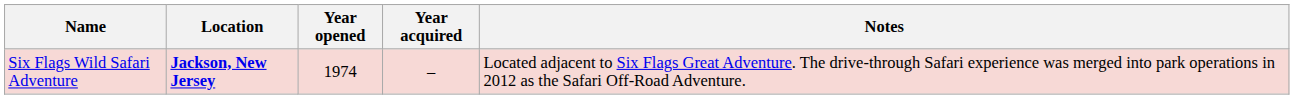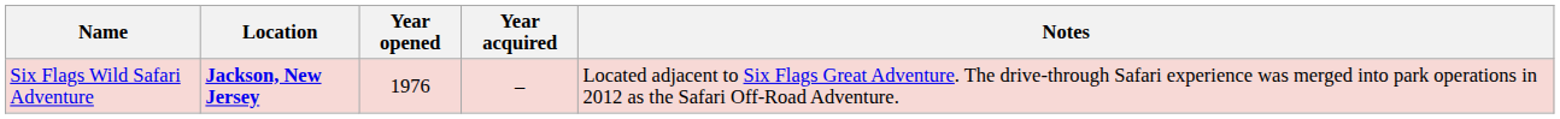 <table class="wikitable sortable">
 <tr>
 <th style="width:150px;">Name</th>
 <th>Location</th>
 <th>Year opened</th>
 <th>Year acquired</th>
 <th>Notes</th>
 </tr>
 <tr>
 <td style="background:#f7d9d6;"><a href='#'>Six Flags Wild Safari Adventure</a></td>
 <td style="background:#f7d9d6;"><strong><a href='#'>Jackson, New Jersey</a></strong></td>
-<td style="background:#f7d9d6;text-align:center">1974</td>
+<td style="background:#f7d9d6;text-align:center">1976</td>
 <td style="background:#f7d9d6;text-align:center">–</td>
 <td style="background:#f7d9d6;">Located adjacent to <a href='#'>Six Flags Great Adventure</a>. The drive-through Safari experience was merged into park operations in 2012 as the Safari Off-Road Adventure.</td>
 </tr>
 </table>
